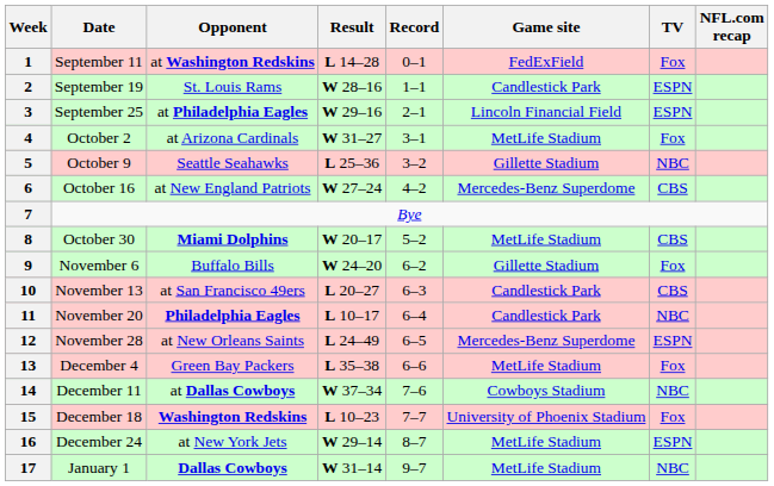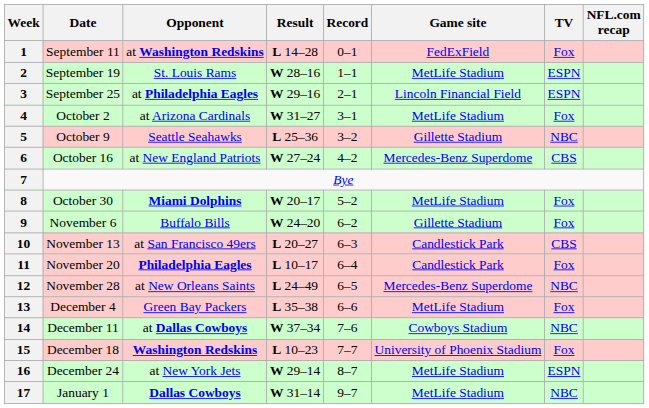 <table class="wikitable" style="text-align:center">
 <tr>
 <th>Week</th>
 <th>Date</th>
 <th>Opponent</th>
 <th>Result</th>
 <th>Record</th>
 <th>Game site</th>
 <th>TV</th>
 <th>NFL.com<br>recap</th>
 </tr>
 <tr style="background:#fcc">
 <th>1</th>
 <td style="text-align:center;">September 11</td>
 <td style="text-align:center;">at <strong><a href='#'>Washington Redskins</a></strong></td>
 <td style="text-align:center;"><strong>L</strong> 14–28</td>
 <td style="text-align:center;">0–1</td>
 <td style="text-align:center;"><a href='#'>FedExField</a></td>
 <td style="text-align:center;"><a href='#'>Fox</a></td>
 <td style="text-align:center;"></td>
 </tr>
 <tr style="background:#cfc">
 <th>2</th>
 <td style="text-align:center;">September 19</td>
 <td style="text-align:center;"><a href='#'>St. Louis Rams</a></td>
 <td style="text-align:center;"><strong>W</strong> 28–16</td>
 <td style="text-align:center;">1–1</td>
-<td style="text-align:center;"><a href='#'>Candlestick Park</a></td>
+<td style="text-align:center;"><a href='#'>MetLife Stadium</a></td>
 <td style="text-align:center;"><a href='#'>ESPN</a></td>
 <td style="text-align:center;"></td>
 </tr>
 <tr style="background:#cfc">
 <th>3</th>
 <td style="text-align:center;">September 25</td>
 <td style="text-align:center;">at <strong><a href='#'>Philadelphia Eagles</a></strong></td>
 <td style="text-align:center;"><strong>W</strong> 29–16</td>
 <td style="text-align:center;">2–1</td>
 <td style="text-align:center;"><a href='#'>Lincoln Financial Field</a></td>
 <td style="text-align:center;"><a href='#'>ESPN</a></td>
 <td style="text-align:center;"></td>
 </tr>
 <tr style="background:#cfc">
 <th>4</th>
 <td style="text-align:center;">October 2</td>
 <td style="text-align:center;">at <a href='#'>Arizona Cardinals</a></td>
 <td style="text-align:center;"><strong>W</strong> 31–27</td>
 <td style="text-align:center;">3–1</td>
 <td style="text-align:center;"><a href='#'>MetLife Stadium</a></td>
 <td style="text-align:center;"><a href='#'>Fox</a></td>
 <td style="text-align:center;"></td>
 </tr>
 <tr style="background:#fcc">
 <th>5</th>
 <td style="text-align:center;">October 9</td>
 <td style="text-align:center;"><a href='#'>Seattle Seahawks</a></td>
 <td style="text-align:center;"><strong>L</strong> 25–36</td>
 <td style="text-align:center;">3–2</td>
 <td style="text-align:center;"><a href='#'>Gillette Stadium</a></td>
 <td style="text-align:center;"><a href='#'>NBC</a></td>
 <td style="text-align:center;"></td>
 </tr>
 <tr style="background:#cfc">
 <th>6</th>
 <td style="text-align:center;">October 16</td>
 <td style="text-align:center;">at <a href='#'>New England Patriots</a></td>
 <td style="text-align:center;"><strong>W</strong> 27–24</td>
 <td style="text-align:center;">4–2</td>
 <td style="text-align:center;"><a href='#'>Mercedes-Benz Superdome</a></td>
 <td style="text-align:center;"><a href='#'>CBS</a></td>
 <td style="text-align:center;"></td>
 </tr>
 <tr>
 <th>7</th>
 <td colspan="8" style="text-align:center;"><em><a href='#'>Bye</a></em></td>
 </tr>
 <tr style="background:#cfc">
 <th>8</th>
 <td style="text-align:center;">October 30</td>
 <td style="text-align:center;"><strong><a href='#'>Miami Dolphins</a></strong></td>
 <td style="text-align:center;"><strong>W</strong> 20–17</td>
 <td style="text-align:center;">5–2</td>
 <td style="text-align:center;"><a href='#'>MetLife Stadium</a></td>
-<td style="text-align:center;"><a href='#'>CBS</a></td>
+<td style="text-align:center;"><a href='#'>Fox</a></td>
 <td style="text-align:center;"></td>
 </tr>
 <tr style="background:#cfc">
 <th>9</th>
 <td style="text-align:center;">November 6</td>
 <td style="text-align:center;"><a href='#'>Buffalo Bills</a></td>
 <td style="text-align:center;"><strong>W</strong> 24–20</td>
 <td style="text-align:center;">6–2</td>
 <td style="text-align:center;"><a href='#'>Gillette Stadium</a></td>
 <td style="text-align:center;"><a href='#'>Fox</a></td>
 <td style="text-align:center;"></td>
 </tr>
 <tr style="background:#fcc">
 <th>10</th>
 <td style="text-align:center;">November 13</td>
 <td style="text-align:center;">at <a href='#'>San Francisco 49ers</a></td>
 <td style="text-align:center;"><strong>L</strong> 20–27</td>
 <td style="text-align:center;">6–3</td>
 <td style="text-align:center;"><a href='#'>Candlestick Park</a></td>
 <td style="text-align:center;"><a href='#'>CBS</a></td>
 <td style="text-align:center;"></td>
 </tr>
 <tr style="background:#fcc">
 <th>11</th>
 <td style="text-align:center;">November 20</td>
 <td style="text-align:center;"><strong><a href='#'>Philadelphia Eagles</a></strong></td>
 <td style="text-align:center;"><strong>L</strong> 10–17</td>
 <td style="text-align:center;">6–4</td>
 <td style="text-align:center;"><a href='#'>Candlestick Park</a></td>
-<td style="text-align:center;"><a href='#'>NBC</a></td>
+<td style="text-align:center;"><a href='#'>Fox</a></td>
 <td style="text-align:center;"></td>
 </tr>
 <tr style="background:#fcc">
 <th>12</th>
 <td style="text-align:center;">November 28</td>
 <td style="text-align:center;">at <a href='#'>New Orleans Saints</a></td>
 <td style="text-align:center;"><strong>L</strong> 24–49</td>
 <td style="text-align:center;">6–5</td>
 <td style="text-align:center;"><a href='#'>Mercedes-Benz Superdome</a></td>
-<td style="text-align:center;"><a href='#'>ESPN</a></td>
+<td style="text-align:center;"><a href='#'>NBC</a></td>
 <td style="text-align:center;"></td>
 </tr>
 <tr style="background:#fcc">
 <th>13</th>
 <td style="text-align:center;">December 4</td>
 <td style="text-align:center;"><a href='#'>Green Bay Packers</a></td>
 <td style="text-align:center;"><strong>L</strong> 35–38</td>
 <td style="text-align:center;">6–6</td>
 <td style="text-align:center;"><a href='#'>MetLife Stadium</a></td>
 <td style="text-align:center;"><a href='#'>Fox</a></td>
 <td style="text-align:center;"></td>
 </tr>
 <tr style="background:#cfc">
 <th>14</th>
 <td style="text-align:center;">December 11</td>
 <td style="text-align:center;">at <strong><a href='#'>Dallas Cowboys</a></strong></td>
 <td style="text-align:center;"><strong>W</strong> 37–34</td>
 <td style="text-align:center;">7–6</td>
 <td style="text-align:center;"><a href='#'>Cowboys Stadium</a></td>
 <td style="text-align:center;"><a href='#'>NBC</a></td>
 <td style="text-align:center;"></td>
 </tr>
 <tr style="background:#fcc">
 <th>15</th>
 <td style="text-align:center;">December 18</td>
 <td style="text-align:center;"><strong><a href='#'>Washington Redskins</a></strong></td>
 <td style="text-align:center;"><strong>L</strong> 10–23</td>
 <td style="text-align:center;">7–7</td>
 <td style="text-align:center;"><a href='#'>University of Phoenix Stadium</a></td>
 <td style="text-align:center;"><a href='#'>Fox</a></td>
 <td style="text-align:center;"></td>
 </tr>
 <tr style="background:#cfc">
 <th>16</th>
 <td style="text-align:center;">December 24</td>
 <td style="text-align:center;">at <a href='#'>New York Jets</a></td>
 <td style="text-align:center;"><strong>W</strong> 29–14</td>
 <td style="text-align:center;">8–7</td>
 <td style="text-align:center;"><a href='#'>MetLife Stadium</a></td>
 <td style="text-align:center;"><a href='#'>ESPN</a></td>
 <td style="text-align:center;"></td>
 </tr>
 <tr style="background:#cfc">
 <th>17</th>
 <td style="text-align:center;">January 1</td>
 <td style="text-align:center;"><strong><a href='#'>Dallas Cowboys</a></strong></td>
 <td style="text-align:center;"><strong>W</strong> 31–14</td>
 <td style="text-align:center;">9–7</td>
 <td style="text-align:center;"><a href='#'>MetLife Stadium</a></td>
 <td style="text-align:center;"><a href='#'>NBC</a></td>
 <td style="text-align:center;"></td>
 </tr>
 </table>
